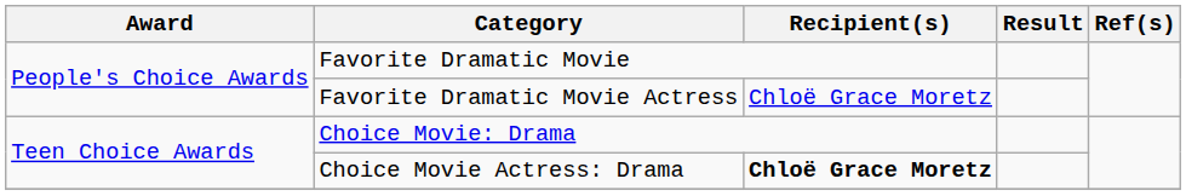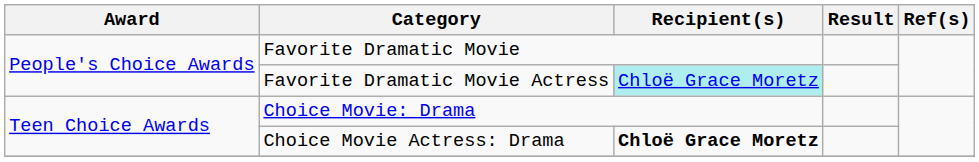 <table class="wikitable sortable">
 <tr>
 <th>Award</th>
 <th>Category</th>
 <th>Recipient(s)</th>
 <th>Result</th>
 <th>Ref(s)</th>
 </tr>
 <tr>
 <td rowspan="2"><a href='#'>People's Choice Awards</a></td>
 <td colspan="2">Favorite Dramatic Movie</td>
 <td></td>
 <td rowspan="2"></td>
 </tr>
 <tr>
 <td>Favorite Dramatic Movie Actress</td>
-<td><a href='#'>Chloë Grace Moretz</a></td>
+<td style="background: paleturquoise;"><a href='#'>Chloë Grace Moretz</a></td>
 <td></td>
 </tr>
 <tr>
 <td rowspan="2"><a href='#'>Teen Choice Awards</a></td>
 <td colspan="2"><a href='#'>Choice Movie: Drama</a></td>
 <td></td>
 <td rowspan="2"></td>
 </tr>
 <tr>
 <td>Choice Movie Actress: Drama</td>
 <td><strong>Chloë Grace Moretz</strong></td>
 <td></td>
 </tr>
 <tr>
 </tr>
 </table>
